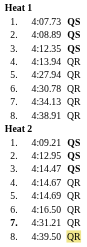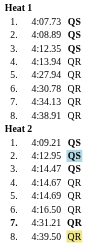 <table style="text-align:center">
 <tr>
 <td colspan=4 align=left><strong>Heat 1</strong></td>
 </tr>
 <tr>
 <td width=30>1.</td>
 <td align=left></td>
 <td width=60>4:07.73</td>
 <td><strong>QS</strong></td>
 </tr>
 <tr>
 <td>2.</td>
 <td align=left></td>
 <td>4:08.89</td>
 <td><strong>QS</strong></td>
 </tr>
 <tr>
 <td>3.</td>
 <td align=left></td>
 <td>4:12.35</td>
 <td><strong>QS</strong></td>
 </tr>
 <tr>
 <td>4.</td>
 <td align=left></td>
 <td>4:13.94</td>
 <td>QR</td>
 </tr>
 <tr>
 <td>5.</td>
 <td align=left></td>
 <td>4:27.94</td>
 <td>QR</td>
 </tr>
 <tr>
 <td>6.</td>
 <td align=left></td>
 <td>4:30.78</td>
 <td>QR</td>
 </tr>
 <tr>
 <td>7.</td>
 <td align=left></td>
 <td>4:34.13</td>
 <td>QR</td>
 </tr>
 <tr>
 <td>8.</td>
 <td align=left></td>
 <td>4:38.91</td>
 <td>QR</td>
 </tr>
 <tr>
 <td colspan=4 align=left><strong>Heat 2</strong></td>
 </tr>
 <tr>
 <td>1.</td>
 <td align=left></td>
 <td>4:09.21</td>
 <td><strong>QS</strong></td>
 </tr>
 <tr>
 <td>2.</td>
 <td align=left></td>
 <td>4:12.95</td>
-<td><strong>QS</strong></td>
+<td style="background: lightblue;"><strong>QS</strong></td>
 </tr>
 <tr>
 <td>3.</td>
 <td align=left></td>
 <td>4:14.47</td>
 <td><strong>QS</strong></td>
 </tr>
 <tr>
 <td>4.</td>
 <td align=left></td>
 <td>4:14.67</td>
 <td>QR</td>
 </tr>
 <tr>
 <td>5.</td>
 <td align=left></td>
 <td>4:14.69</td>
 <td>QR</td>
 </tr>
 <tr>
 <td>6.</td>
 <td align=left></td>
 <td>4:16.50</td>
 <td>QR</td>
 </tr>
 <tr>
 <td><strong>7.</strong></td>
 <td align=left></td>
 <td>4:31.21</td>
-<td>QR</td>
+<td><strong>QR</strong></td>
 </tr>
 <tr>
 <td>8.</td>
 <td align=left></td>
 <td>4:39.50</td>
 <td style="background: khaki;">QR</td>
 </tr>
 </table>
